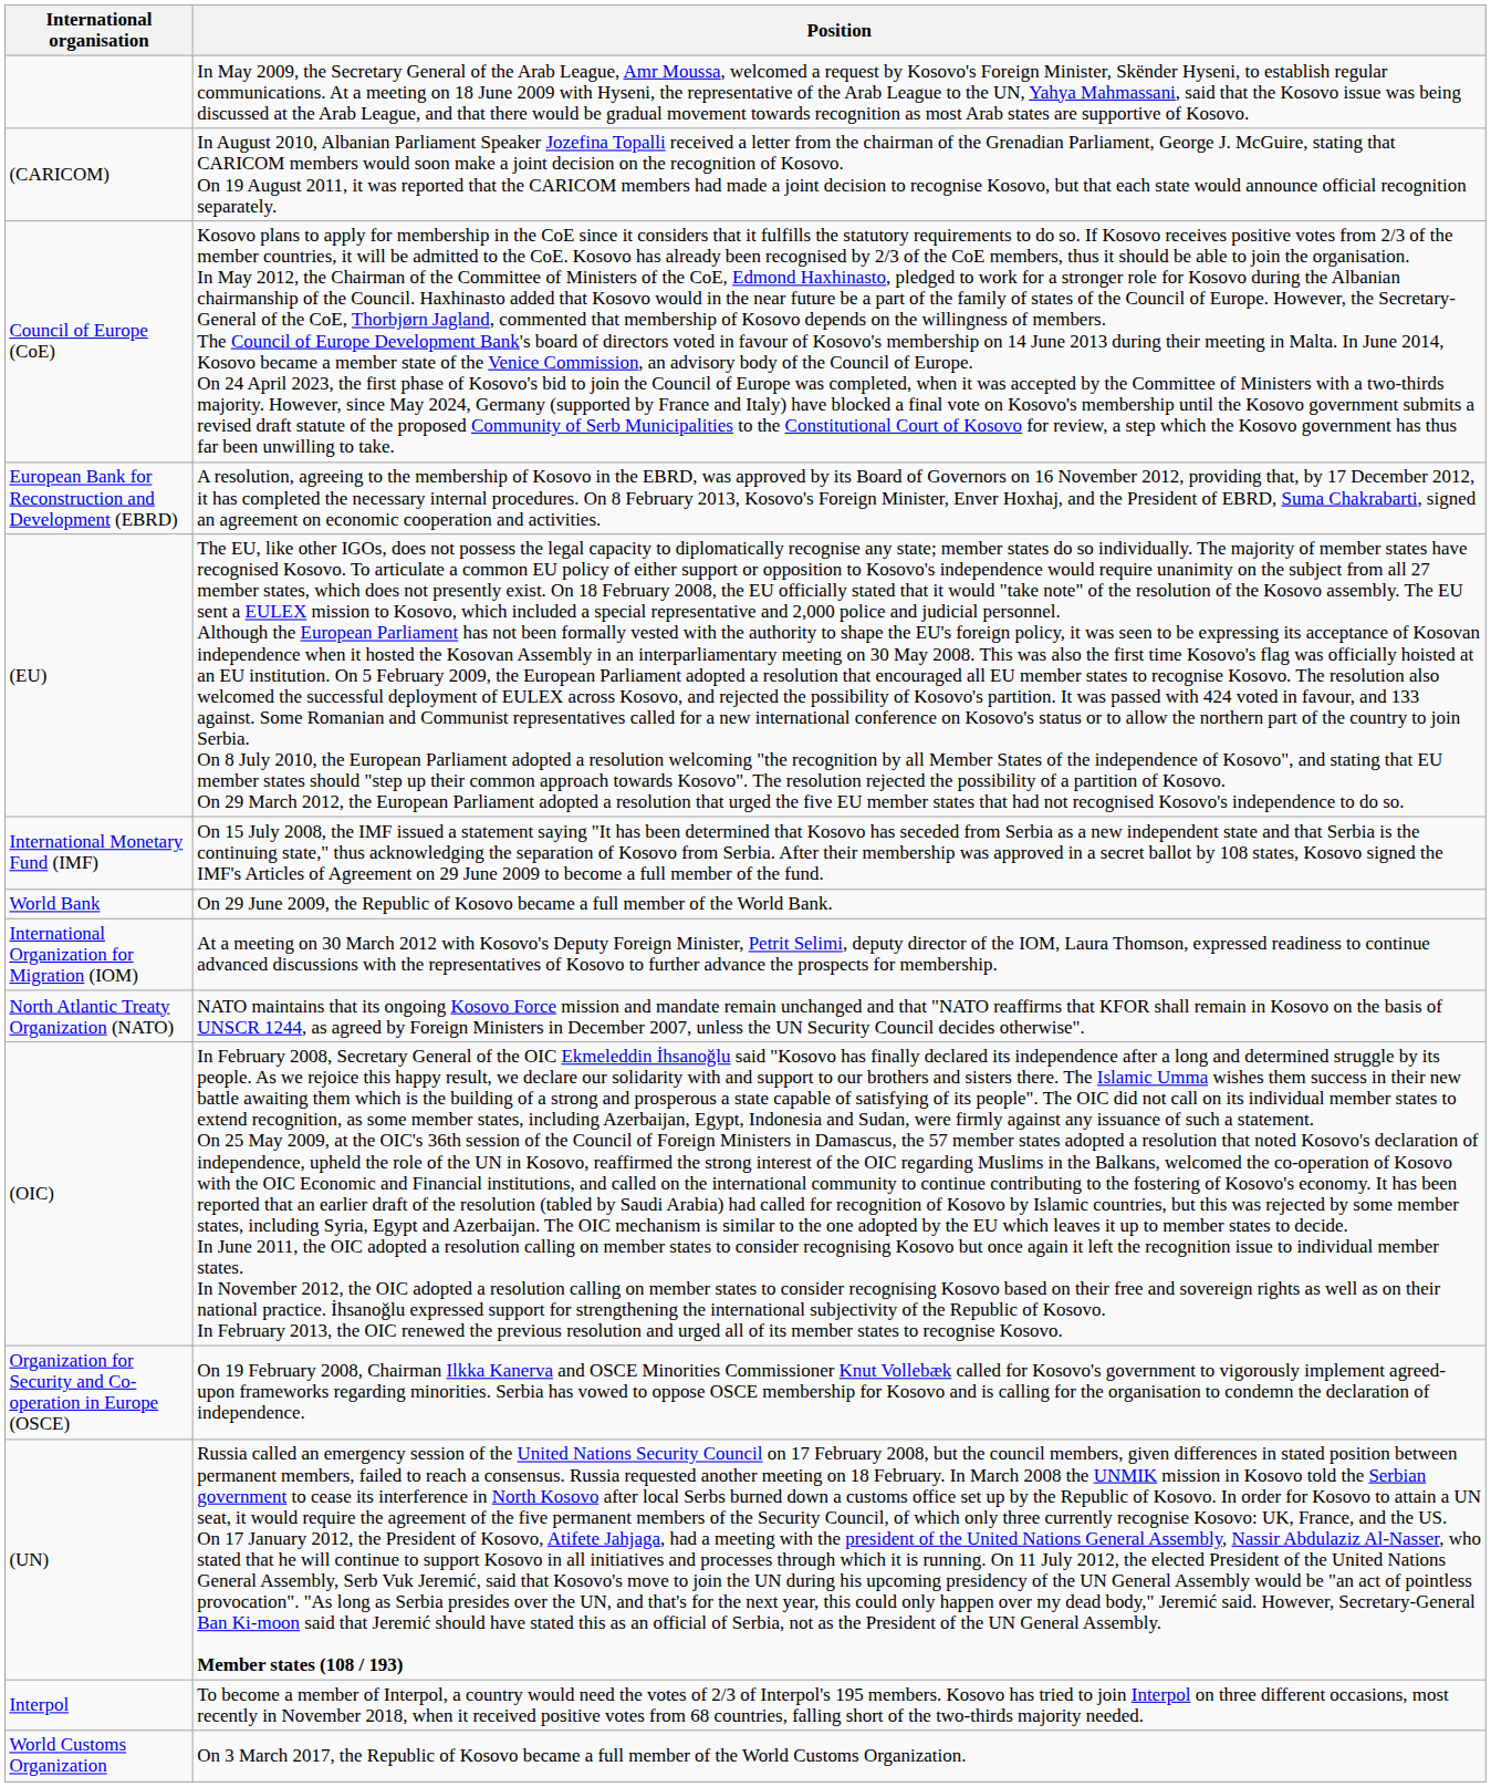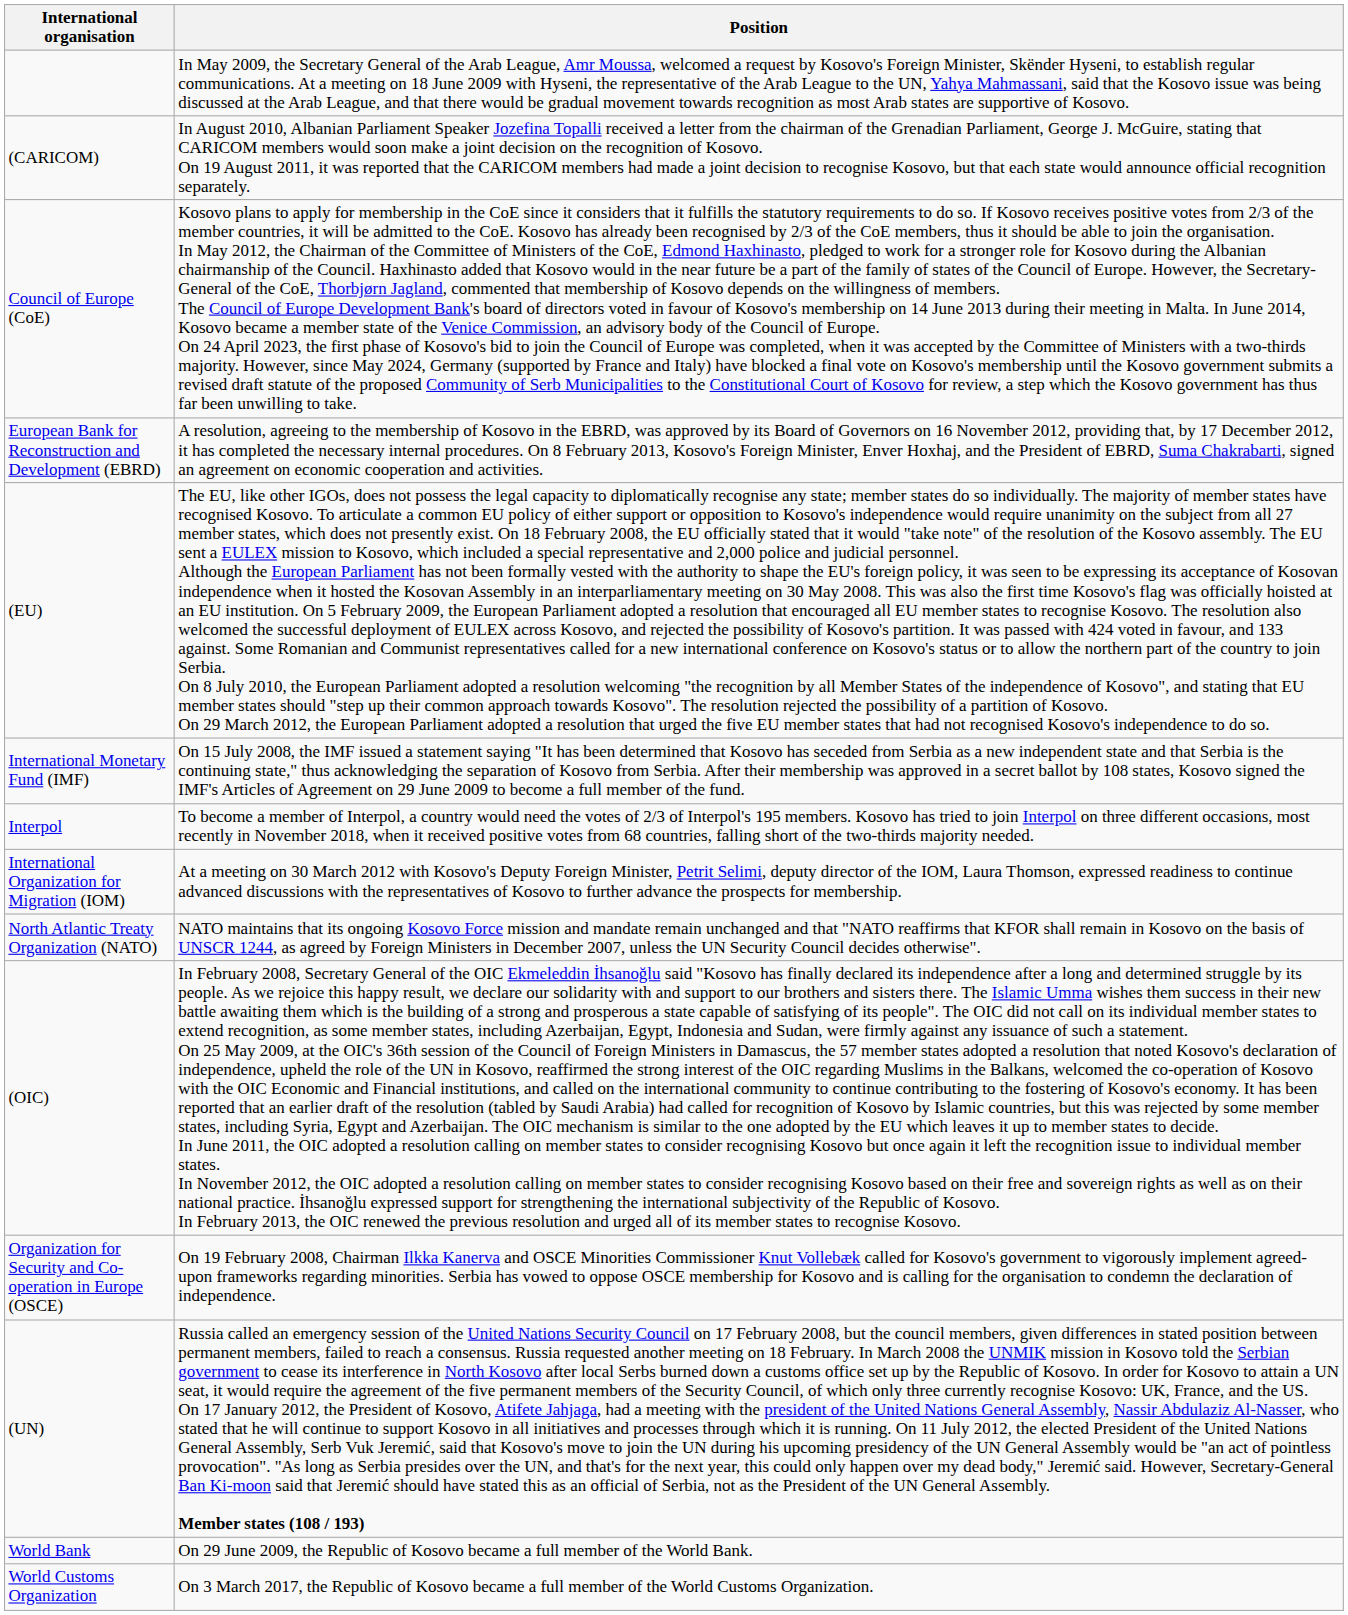 <table class="wikitable" style="width:100%;">
 <tr>
 <th>International organisation</th>
 <th>Position</th>
 </tr>
 <tr>
 <td></td>
 <td>In May 2009, the Secretary General of the Arab League, <a href='#'>Amr Moussa</a>, welcomed a request by Kosovo's Foreign Minister, Skënder Hyseni, to establish regular communications. At a meeting on 18 June 2009 with Hyseni, the representative of the Arab League to the UN, <a href='#'>Yahya Mahmassani</a>, said that the Kosovo issue was being discussed at the Arab League, and that there would be gradual movement towards recognition as most Arab states are supportive of Kosovo.<br></td>
 </tr>
 <tr>
 <td> (CARICOM)</td>
 <td>In August 2010, Albanian Parliament Speaker <a href='#'>Jozefina Topalli</a> received a letter from the chairman of the Grenadian Parliament, George J. McGuire, stating that CARICOM members would soon make a joint decision on the recognition of Kosovo.<br>On 19 August 2011, it was reported that the CARICOM members had made a joint decision to recognise Kosovo, but that each state would announce official recognition separately.<br></td>
 </tr>
 <tr>
 <td> <a href='#'>Council of Europe</a> (CoE)</td>
 <td>Kosovo plans to apply for membership in the CoE since it considers that it fulfills the statutory requirements to do so. If Kosovo receives positive votes from 2/3 of the member countries, it will be admitted to the CoE. Kosovo has already been recognised by 2/3 of the CoE members, thus it should be able to join the organisation.<br> In May 2012, the Chairman of the Committee of Ministers of the CoE, <a href='#'>Edmond Haxhinasto</a>, pledged to work for a stronger role for Kosovo during the Albanian chairmanship of the Council. Haxhinasto added that Kosovo would in the near future be a part of the family of states of the Council of Europe. However, the Secretary-General of the CoE, <a href='#'>Thorbjørn Jagland</a>, commented that membership of Kosovo depends on the willingness of members.<br>The <a href='#'>Council of Europe Development Bank</a>'s board of directors voted in favour of Kosovo's membership on 14 June 2013 during their meeting in Malta. In June 2014, Kosovo became a member state of the <a href='#'>Venice Commission</a>, an advisory body of the Council of Europe.<br>On 24 April 2023, the first phase of Kosovo's bid to join the Council of Europe was completed, when it was accepted by the Committee of Ministers with a two-thirds majority. However, since May 2024, Germany (supported by France and Italy) have blocked a final vote on Kosovo's membership until the Kosovo government submits a revised draft statute of the proposed <a href='#'>Community of Serb Municipalities</a> to the <a href='#'>Constitutional Court of Kosovo</a> for review, a step which the Kosovo government has thus far been unwilling to take. </td>
 </tr>
 <tr>
 <td><a href='#'>European Bank for Reconstruction and Development</a> (EBRD)</td>
 <td>A resolution, agreeing to the membership of Kosovo in the EBRD, was approved by its Board of Governors on 16 November 2012, providing that, by 17 December 2012, it has completed the necessary internal procedures. On 8 February 2013, Kosovo's Foreign Minister, Enver Hoxhaj, and the President of EBRD, <a href='#'>Suma Chakrabarti</a>, signed an agreement on economic cooperation and activities.</td>
 </tr>
 <tr>
 <td> (EU)</td>
 <td>The EU, like other IGOs, does not possess the legal capacity to diplomatically recognise any state; member states do so individually. The majority of member states have recognised Kosovo. To articulate a common EU policy of either support or opposition to Kosovo's independence would require unanimity on the subject from all 27 member states, which does not presently exist. On 18 February 2008, the EU officially stated that it would "take note" of the resolution of the Kosovo assembly. The EU sent a <a href='#'>EULEX</a> mission to Kosovo, which included a special representative and 2,000 police and judicial personnel.<br>Although the <a href='#'>European Parliament</a> has not been formally vested with the authority to shape the EU's foreign policy, it was seen to be expressing its acceptance of Kosovan independence when it hosted the Kosovan Assembly in an interparliamentary meeting on 30 May 2008. This was also the first time Kosovo's flag was officially hoisted at an EU institution. On 5 February 2009, the European Parliament adopted a resolution that encouraged all EU member states to recognise Kosovo. The resolution also welcomed the successful deployment of EULEX across Kosovo, and rejected the possibility of Kosovo's partition. It was passed with 424 voted in favour, and 133 against. Some Romanian and Communist representatives called for a new international conference on Kosovo's status or to allow the northern part of the country to join Serbia.<br>On 8 July 2010, the European Parliament adopted a resolution welcoming "the recognition by all Member States of the independence of Kosovo", and stating that EU member states should "step up their common approach towards Kosovo". The resolution rejected the possibility of a partition of Kosovo.<br>On 29 March 2012, the European Parliament adopted a resolution that urged the five EU member states that had not recognised Kosovo's independence to do so.<br></td>
 </tr>
 <tr>
 <td><a href='#'>International Monetary Fund</a> (IMF)</td>
 <td>On 15 July 2008, the IMF issued a statement saying "It has been determined that Kosovo has seceded from Serbia as a new independent state and that Serbia is the continuing state," thus acknowledging the separation of Kosovo from Serbia. After their membership was approved in a secret ballot by 108 states, Kosovo signed the IMF's Articles of Agreement on 29 June 2009 to become a full member of the fund.</td>
 </tr>
 <tr>
-<td><a href='#'>World Bank</a></td>
-<td>On 29 June 2009, the Republic of Kosovo became a full member of the World Bank.</td>
+<td><a href='#'>Interpol</a></td>
+<td>To become a member of Interpol, a country would need the votes of 2/3 of Interpol's 195 members. Kosovo has tried to join <a href='#'>Interpol</a> on three different occasions, most recently in November 2018, when it received positive votes from 68 countries, falling short of the two-thirds majority needed.</td>
 </tr>
 <tr>
 <td><a href='#'>International Organization for Migration</a> (IOM)</td>
 <td>At a meeting on 30 March 2012 with Kosovo's Deputy Foreign Minister, <a href='#'>Petrit Selimi</a>, deputy director of the IOM, Laura Thomson, expressed readiness to continue advanced discussions with the representatives of Kosovo to further advance the prospects for membership.</td>
 </tr>
 <tr>
 <td> <a href='#'>North Atlantic Treaty Organization</a> (NATO)</td>
 <td>NATO maintains that its ongoing <a href='#'>Kosovo Force</a> mission and mandate remain unchanged and that "NATO reaffirms that KFOR shall remain in Kosovo on the basis of <a href='#'>UNSCR 1244</a>, as agreed by Foreign Ministers in December 2007, unless the UN Security Council decides otherwise".<br></td>
 </tr>
 <tr>
 <td> (OIC)</td>
 <td>In February 2008, Secretary General of the OIC <a href='#'>Ekmeleddin İhsanoğlu</a> said "Kosovo has finally declared its independence after a long and determined struggle by its people. As we rejoice this happy result, we declare our solidarity with and support to our brothers and sisters there. The <a href='#'>Islamic Umma</a> wishes them success in their new battle awaiting them which is the building of a strong and prosperous a state capable of satisfying of its people". The OIC did not call on its individual member states to extend recognition, as some member states, including Azerbaijan, Egypt, Indonesia and Sudan, were firmly against any issuance of such a statement.<br>On 25 May 2009, at the OIC's 36th session of the Council of Foreign Ministers in Damascus, the 57 member states adopted a resolution that noted Kosovo's declaration of independence, upheld the role of the UN in Kosovo, reaffirmed the strong interest of the OIC regarding Muslims in the Balkans, welcomed the co-operation of Kosovo with the OIC Economic and Financial institutions, and called on the international community to continue contributing to the fostering of Kosovo's economy. It has been reported that an earlier draft of the resolution (tabled by Saudi Arabia) had called for recognition of Kosovo by Islamic countries, but this was rejected by some member states, including Syria, Egypt and Azerbaijan. The OIC mechanism is similar to the one adopted by the EU which leaves it up to member states to decide.<br>In June 2011, the OIC adopted a resolution calling on member states to consider recognising Kosovo but once again it left the recognition issue to individual member states.<br>In November 2012, the OIC adopted a resolution calling on member states to consider recognising Kosovo based on their free and sovereign rights as well as on their national practice. İhsanoğlu expressed support for strengthening the international subjectivity of the Republic of Kosovo.<br>In February 2013, the OIC renewed the previous resolution and urged all of its member states to recognise Kosovo.<br></td>
 </tr>
 <tr>
 <td> <a href='#'>Organization for Security and Co-operation in Europe</a> (OSCE)</td>
 <td>On 19 February 2008, Chairman <a href='#'>Ilkka Kanerva</a> and OSCE Minorities Commissioner <a href='#'>Knut Vollebæk</a> called for Kosovo's government to vigorously implement agreed-upon frameworks regarding minorities. Serbia has vowed to oppose OSCE membership for Kosovo and is calling for the organisation to condemn the declaration of independence.<br></td>
 </tr>
 <tr>
 <td> (UN)</td>
 <td>Russia called an emergency session of the <a href='#'>United Nations Security Council</a> on 17 February 2008, but the council members, given differences in stated position between permanent members, failed to reach a consensus. Russia requested another meeting on 18 February. In March 2008 the <a href='#'>UNMIK</a> mission in Kosovo told the <a href='#'>Serbian government</a> to cease its interference in <a href='#'>North Kosovo</a> after local Serbs burned down a customs office set up by the Republic of Kosovo. In order for Kosovo to attain a UN seat, it would require the agreement of the five permanent members of the Security Council, of which only three currently recognise Kosovo: UK, France, and the US.<br>On 17 January 2012, the President of Kosovo, <a href='#'>Atifete Jahjaga</a>, had a meeting with the <a href='#'>president of the United Nations General Assembly</a>, <a href='#'>Nassir Abdulaziz Al-Nasser</a>, who stated that he will continue to support Kosovo in all initiatives and processes through which it is running. On 11 July 2012, the elected President of the United Nations General Assembly, Serb Vuk Jeremić, said that Kosovo's move to join the UN during his upcoming presidency of the UN General Assembly would be "an act of pointless provocation". "As long as Serbia presides over the UN, and that's for the next year, this could only happen over my dead body," Jeremić said. However, Secretary-General <a href='#'>Ban Ki-moon</a> said that Jeremić should have stated this as an official of Serbia, not as the President of the UN General Assembly.<br><br><strong>Member states (108 / 193)</strong> </td>
 </tr>
 <tr>
-<td><a href='#'>Interpol</a></td>
-<td>To become a member of Interpol, a country would need the votes of 2/3 of Interpol's 195 members. Kosovo has tried to join <a href='#'>Interpol</a> on three different occasions, most recently in November 2018, when it received positive votes from 68 countries, falling short of the two-thirds majority needed.</td>
+<td><a href='#'>World Bank</a></td>
+<td>On 29 June 2009, the Republic of Kosovo became a full member of the World Bank.</td>
 </tr>
 <tr>
 <td><a href='#'>World Customs Organization</a></td>
 <td>On 3 March 2017, the Republic of Kosovo became a full member of the World Customs Organization.</td>
 </tr>
 </table>
